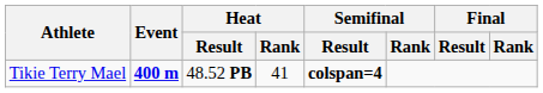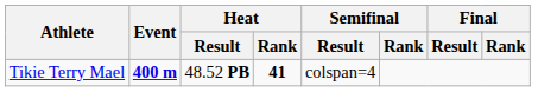 <table class="wikitable">
 <tr>
 <th rowspan="2">Athlete</th>
 <th rowspan="2">Event</th>
 <th colspan="2">Heat</th>
 <th colspan="2">Semifinal</th>
 <th colspan="2">Final</th>
 </tr>
 <tr>
 <th>Result</th>
 <th>Rank</th>
 <th>Result</th>
 <th>Rank</th>
 <th>Result</th>
 <th>Rank</th>
 </tr>
 <tr style=text-align:center>
 <td style=text-align:left><a href='#'>Tikie Terry Mael</a></td>
 <td style=text-align:left><strong><a href='#'>400 m</a></strong></td>
 <td>48.52 <strong>PB</strong></td>
-<td>41</td>
-<td><strong>colspan=4 </strong></td>
+<td><strong>41</strong></td>
+<td>colspan=4 </td>
 </tr>
 </table>
